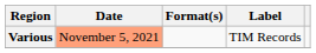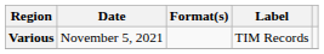 <table class="wikitable plainrowheaders">
 <tr>
 <th scope="col">Region</th>
 <th scope="col">Date</th>
 <th scope="col">Format(s)</th>
 <th scope="col">Label</th>
 <th scope="col"></th>
 </tr>
 <tr>
 <th scope="row">Various</th>
-<td style="background: lightsalmon;">November 5, 2021</td>
+<td>November 5, 2021</td>
 <td></td>
 <td>TIM Records</td>
 <td></td>
 </tr>
 <tr>
 </tr>
 </table>
